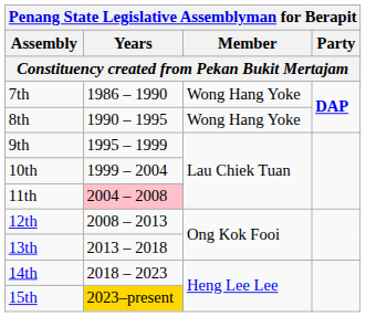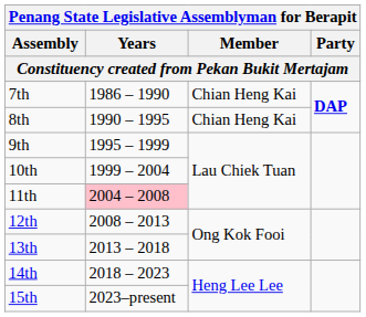 <table class="wikitable">
 <tr>
 <th colspan="4"><a href='#'>Penang State Legislative Assemblyman</a> for Berapit</th>
 </tr>
 <tr>
 <th>Assembly</th>
 <th>Years</th>
 <th>Member</th>
 <th>Party</th>
 </tr>
 <tr>
 <th colspan="4" align="center"><em>Constituency created from Pekan Bukit Mertajam</em></th>
 </tr>
 <tr>
 <td>7th</td>
 <td>1986 – 1990</td>
-<td>Wong Hang Yoke</td>
+<td>Chian Heng Kai</td>
 <td rowspan="2"><strong><a href='#'>DAP</a></strong></td>
 </tr>
 <tr>
 <td>8th</td>
 <td>1990 – 1995</td>
-<td>Wong Hang Yoke</td>
+<td>Chian Heng Kai</td>
 </tr>
 <tr>
 <td>9th</td>
 <td>1995 – 1999</td>
 <td rowspan="3">Lau Chiek Tuan</td>
 <td rowspan="3"></td>
 </tr>
 <tr>
 <td>10th</td>
 <td>1999 – 2004</td>
 </tr>
 <tr>
 <td>11th</td>
 <td style="background: pink;">2004 – 2008</td>
 </tr>
 <tr>
 <td><a href='#'>12th</a></td>
 <td>2008 – 2013</td>
 <td rowspan="2">Ong Kok Fooi</td>
 <td rowspan="2"></td>
 </tr>
 <tr>
 <td><a href='#'>13th</a></td>
 <td>2013 – 2018</td>
 </tr>
 <tr>
 <td><a href='#'>14th</a></td>
 <td>2018 – 2023</td>
 <td rowspan=2><a href='#'>Heng Lee Lee</a></td>
 <td rowspan=2></td>
 </tr>
 <tr>
 <td><a href='#'>15th</a></td>
-<td style="background: gold;">2023–present</td>
+<td>2023–present</td>
 </tr>
 </table>
